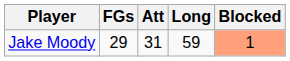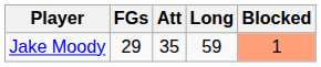 <table class="wikitable sortable sortable" style="text-align: center">
 <tr align=center>
 <th>Player</th>
 <th>FGs</th>
 <th>Att</th>
 <th>Long</th>
 <th>Blocked</th>
 </tr>
 <tr>
 <td><a href='#'>Jake Moody</a></td>
 <td>29</td>
-<td>31</td>
+<td>35</td>
 <td>59</td>
 <td style="background: lightsalmon;">1</td>
 </tr>
 </table>
